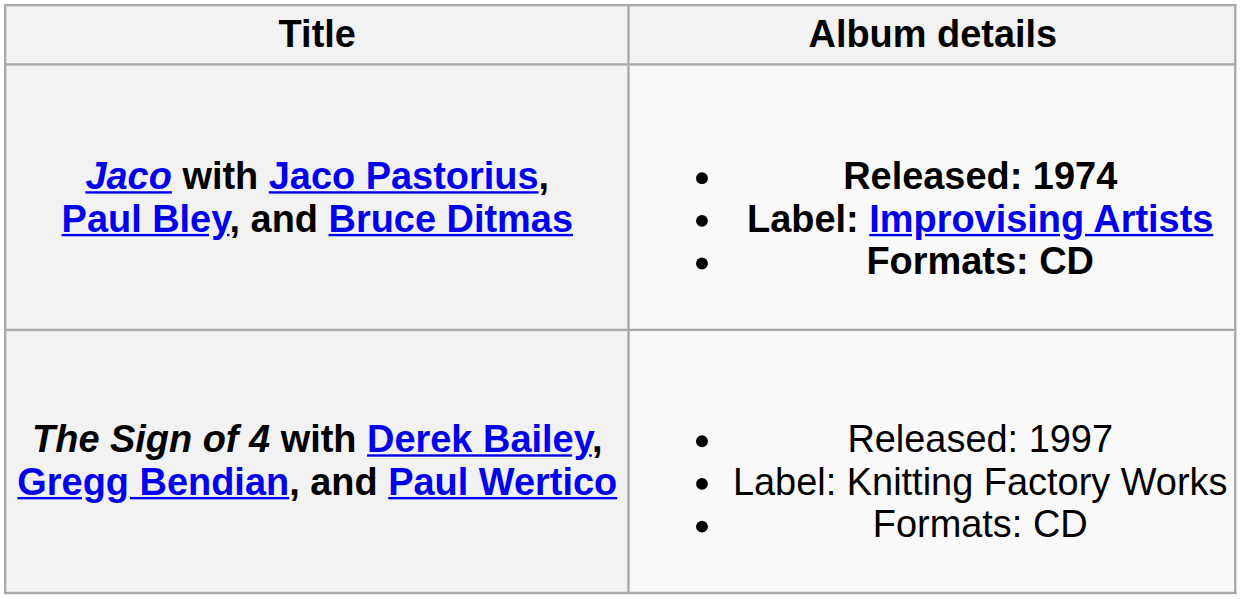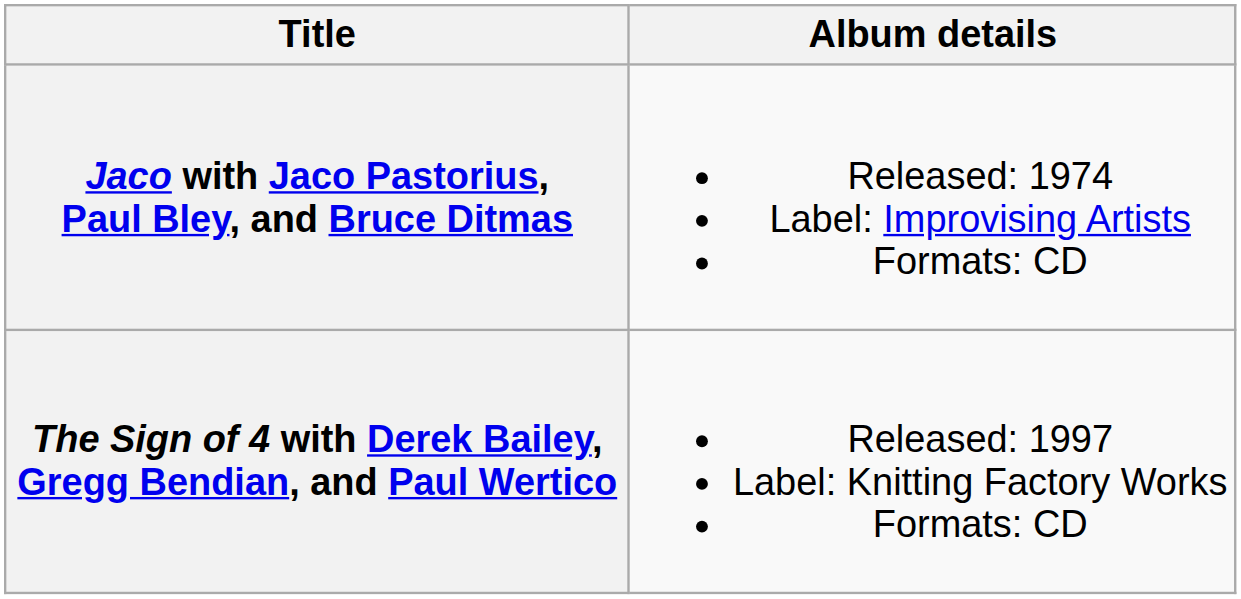 <table class="wikitable plainrowheaders" style="text-align:center;">
 <tr>
 <th scope="col" style="width:16em;">Title</th>
 <th scope="col">Album details</th>
 </tr>
 <tr>
 <th scope="row"><em><a href='#'>Jaco</a></em> with <a href='#'>Jaco Pastorius</a>,<br><a href='#'>Paul Bley</a>, and <a href='#'>Bruce Ditmas</a></th>
-<td><strong><br><ul><li>Released: 1974</li><li>Label: <a href='#'>Improvising Artists</a></li><li>Formats: CD</li></ul></strong></td>
+<td><br><ul><li>Released: 1974</li><li>Label: <a href='#'>Improvising Artists</a></li><li>Formats: CD</li></ul></td>
 </tr>
 <tr>
 <th scope="row"><em>The Sign of 4</em> with <a href='#'>Derek Bailey</a>,<br><a href='#'>Gregg Bendian</a>, and <a href='#'>Paul Wertico</a></th>
 <td><br><ul><li>Released: 1997</li><li>Label: Knitting Factory Works</li><li>Formats: CD</li></ul></td>
 </tr>
 </table>
